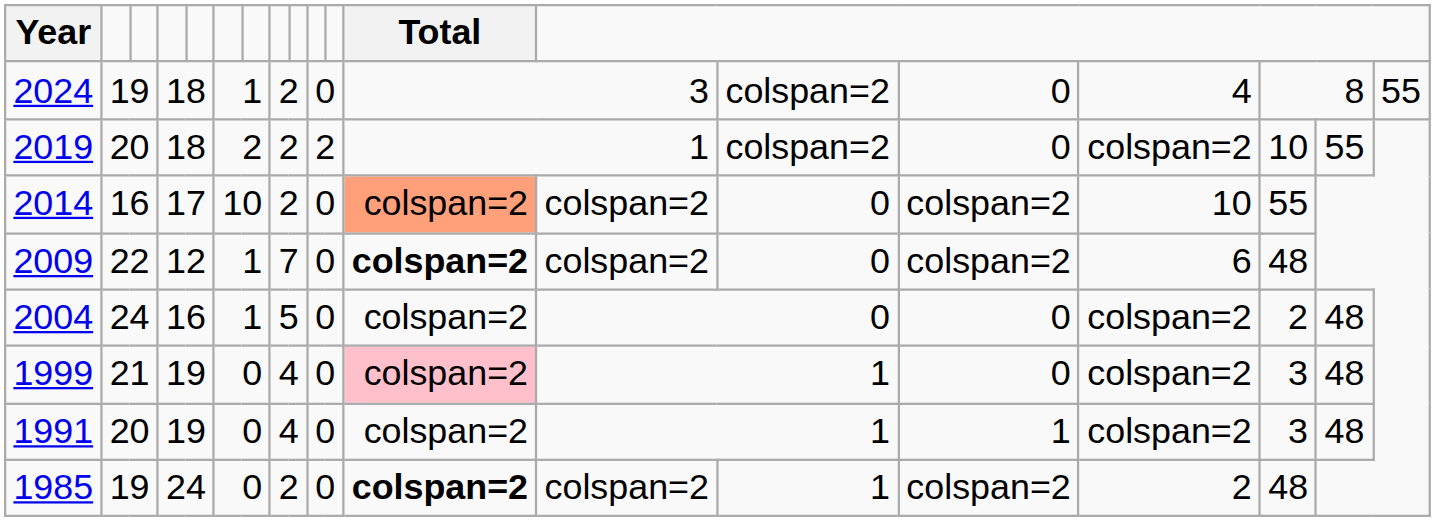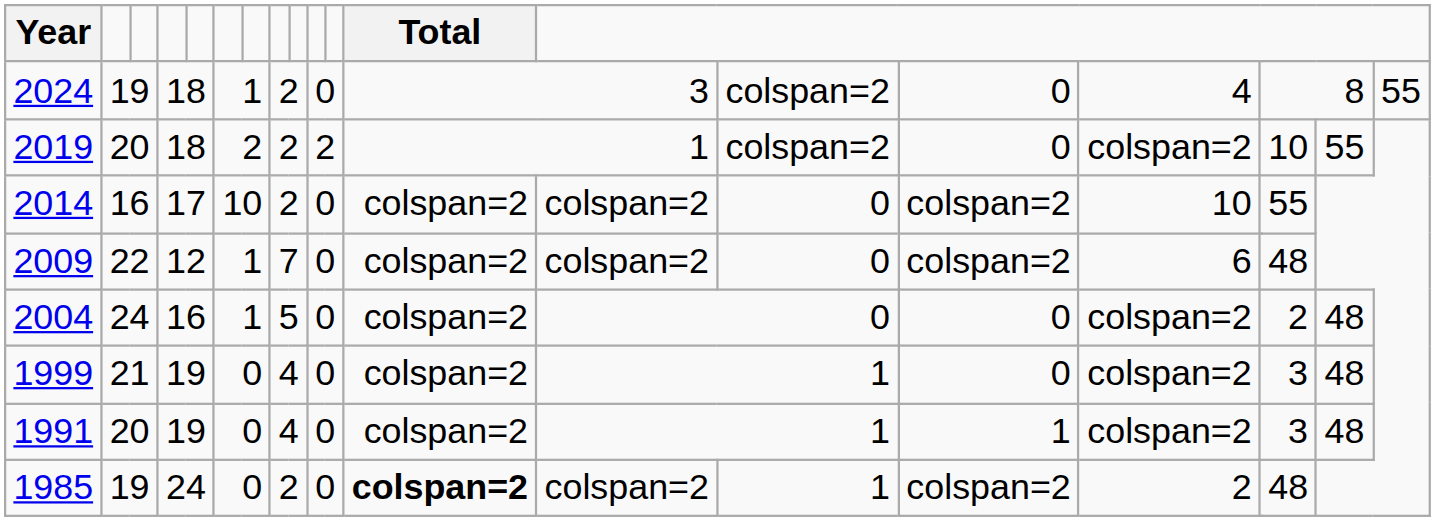 <table class="wikitable" style="text-align:right; padding-left:1em">
 <tr>
 <th align="left">Year</th>
 <td></td>
 <td></td>
 <td></td>
 <td></td>
 <td></td>
 <td></td>
 <td></td>
 <td></td>
 <td></td>
 <td></td>
 <th align="left">Total</th>
 </tr>
 <tr>
 <td align=left><a href='#'>2024</a></td>
 <td colspan=2>19</td>
 <td colspan=2>18</td>
 <td colspan=2>1</td>
 <td colspan=2>2</td>
 <td colspan=2>0</td>
 <td colspan=2>3</td>
 <td>colspan=2 </td>
 <td colspan=2>0</td>
 <td colspan=2>4</td>
 <td colspan=2>8</td>
 <td>55</td>
 </tr>
 <tr>
 <td align=left><a href='#'>2019</a></td>
 <td colspan=2>20</td>
 <td colspan=2>18</td>
 <td colspan=2>2</td>
 <td colspan=2>2</td>
 <td colspan=2>2</td>
 <td colspan=2>1</td>
 <td>colspan=2 </td>
 <td colspan=2>0</td>
 <td>colspan=2 </td>
 <td colspan=2>10</td>
 <td>55</td>
 </tr>
 <tr>
 <td align=left><a href='#'>2014</a></td>
 <td colspan=2>16</td>
 <td colspan=2>17</td>
 <td colspan=2>10</td>
 <td colspan=2>2</td>
 <td colspan=2>0</td>
-<td style="background: lightsalmon;">colspan=2 </td>
+<td>colspan=2 </td>
 <td>colspan=2 </td>
 <td colspan=2>0</td>
 <td>colspan=2 </td>
 <td colspan=2>10</td>
 <td>55</td>
 </tr>
 <tr>
 <td align=left><a href='#'>2009</a></td>
 <td colspan=2>22</td>
 <td colspan=2>12</td>
 <td colspan=2>1</td>
 <td colspan=2>7</td>
 <td colspan=2>0</td>
-<td><strong>colspan=2 </strong></td>
+<td>colspan=2 </td>
 <td>colspan=2 </td>
 <td colspan=2>0</td>
 <td>colspan=2 </td>
 <td colspan=2>6</td>
 <td>48</td>
 </tr>
 <tr>
 <td align=left><a href='#'>2004</a></td>
 <td colspan=2>24</td>
 <td colspan=2>16</td>
 <td colspan=2>1</td>
 <td colspan=2>5</td>
 <td colspan=2>0</td>
 <td>colspan=2 </td>
 <td colspan=2>0</td>
 <td colspan=2>0</td>
 <td>colspan=2 </td>
 <td colspan=2>2</td>
 <td>48</td>
 </tr>
 <tr>
 <td align=left><a href='#'>1999</a></td>
 <td colspan=2>21</td>
 <td colspan=2>19</td>
 <td colspan=2>0</td>
 <td colspan=2>4</td>
 <td colspan=2>0</td>
-<td style="background: pink;">colspan=2 </td>
+<td>colspan=2 </td>
 <td colspan=2>1</td>
 <td colspan=2>0</td>
 <td>colspan=2 </td>
 <td colspan=2>3</td>
 <td>48</td>
 </tr>
 <tr>
 <td align=left><a href='#'>1991</a></td>
 <td colspan=2>20</td>
 <td colspan=2>19</td>
 <td colspan=2>0</td>
 <td colspan=2>4</td>
 <td colspan=2>0</td>
 <td>colspan=2 </td>
 <td colspan=2>1</td>
 <td colspan=2>1</td>
 <td>colspan=2 </td>
 <td colspan=2>3</td>
 <td>48</td>
 </tr>
 <tr>
 <td align=left><a href='#'>1985</a></td>
 <td colspan=2>19</td>
 <td colspan=2>24</td>
 <td colspan=2>0</td>
 <td colspan=2>2</td>
 <td colspan=2>0</td>
 <td><strong>colspan=2 </strong></td>
 <td>colspan=2 </td>
 <td colspan=2>1</td>
 <td>colspan=2 </td>
 <td colspan=2>2</td>
 <td>48</td>
 </tr>
 </table>
